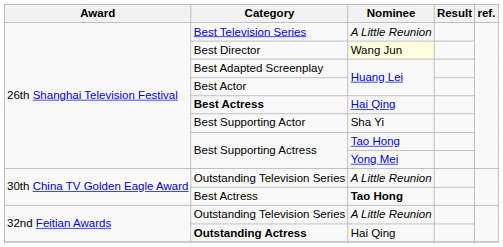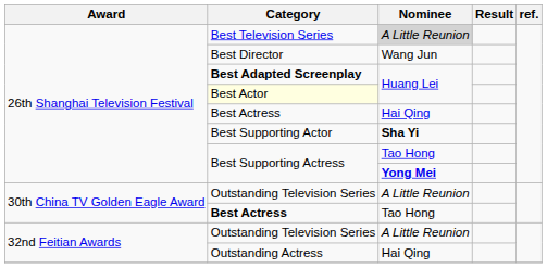 <table class="wikitable">
 <tr>
 <th>Award</th>
 <th>Category</th>
 <th>Nominee</th>
 <th>Result</th>
 <th>ref.</th>
 </tr>
 <tr>
 <td rowspan=8>26th <a href='#'>Shanghai Television Festival</a></td>
 <td><a href='#'>Best Television Series</a></td>
-<td><em>A Little Reunion</em></td>
+<td style="background: lightgrey;"><em>A Little Reunion</em></td>
 <td></td>
 <td rowspan=8></td>
 </tr>
 <tr>
 <td>Best Director</td>
-<td style="background: lightyellow;">Wang Jun</td>
+<td>Wang Jun</td>
 <td></td>
 </tr>
 <tr>
-<td>Best Adapted Screenplay</td>
+<td><strong>Best Adapted Screenplay</strong></td>
 <td rowspan=2><a href='#'>Huang Lei</a></td>
 <td></td>
 </tr>
 <tr>
-<td>Best Actor</td>
+<td style="background: lightyellow;">Best Actor</td>
 <td></td>
 </tr>
 <tr>
-<td><strong>Best Actress</strong></td>
+<td>Best Actress</td>
 <td><a href='#'>Hai Qing</a></td>
 <td></td>
 </tr>
 <tr>
 <td>Best Supporting Actor</td>
-<td>Sha Yi</td>
+<td><strong>Sha Yi</strong></td>
 <td></td>
 </tr>
 <tr>
 <td rowspan=2>Best Supporting Actress</td>
 <td><a href='#'>Tao Hong</a></td>
 <td></td>
 </tr>
 <tr>
-<td><a href='#'>Yong Mei</a></td>
+<td><strong><a href='#'>Yong Mei</a></strong></td>
 <td></td>
 </tr>
 <tr>
 <td rowspan=2>30th <a href='#'>China TV Golden Eagle Award</a></td>
 <td>Outstanding Television Series</td>
 <td><em>A Little Reunion</em></td>
 <td></td>
 <td rowspan=2></td>
 </tr>
 <tr>
-<td>Best Actress</td>
-<td><strong>Tao Hong</strong></td>
+<td><strong>Best Actress</strong></td>
+<td>Tao Hong</td>
 <td></td>
 </tr>
 <tr>
 <td rowspan=2>32nd <a href='#'>Feitian Awards</a></td>
 <td>Outstanding Television Series</td>
 <td><em>A Little Reunion</em></td>
 <td></td>
 <td rowspan=2></td>
 </tr>
 <tr>
-<td><strong>Outstanding Actress</strong></td>
+<td>Outstanding Actress</td>
 <td>Hai Qing</td>
 <td></td>
 </tr>
 <tr>
 </tr>
 </table>
